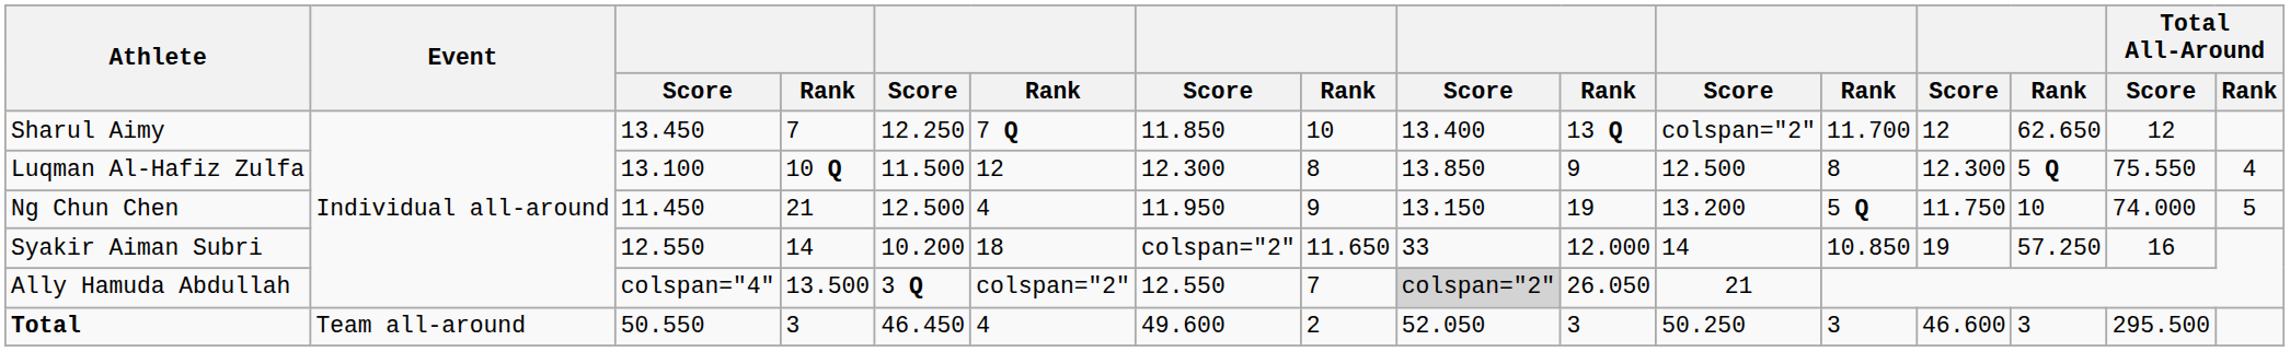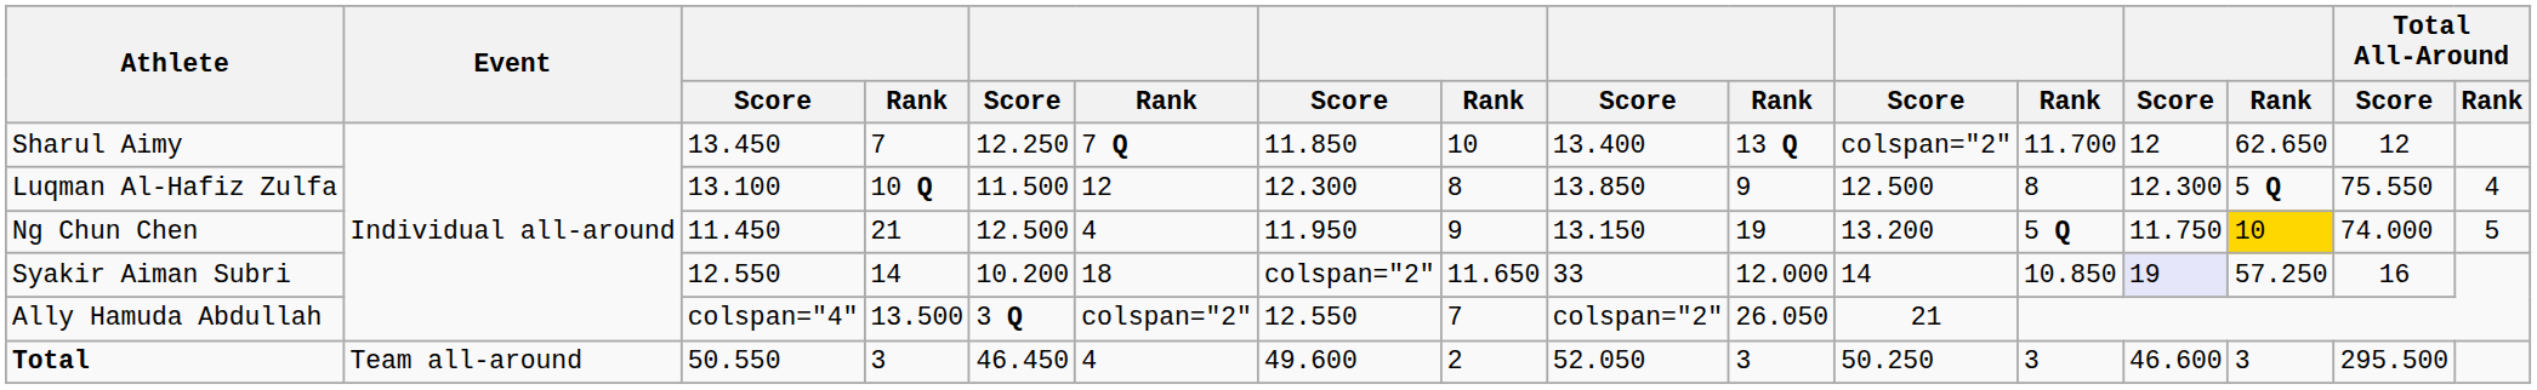 <table class="wikitable" style="font-size: 90%">
 <tr>
 <th rowspan="2">Athlete</th>
 <th rowspan="2">Event</th>
 <th colspan="2"></th>
 <th colspan="2"></th>
 <th colspan="2"></th>
 <th colspan="2"></th>
 <th colspan="2"></th>
 <th colspan="2"></th>
 <th colspan="2">Total<br>All-Around</th>
 </tr>
 <tr>
 <th>Score</th>
 <th>Rank</th>
 <th>Score</th>
 <th>Rank</th>
 <th>Score</th>
 <th>Rank</th>
 <th>Score</th>
 <th>Rank</th>
 <th>Score</th>
 <th>Rank</th>
 <th>Score</th>
 <th>Rank</th>
 <th>Score</th>
 <th>Rank</th>
 </tr>
 <tr>
 <td>Sharul Aimy</td>
 <td rowspan="5">Individual all-around</td>
 <td>13.450</td>
 <td>7</td>
 <td>12.250</td>
 <td>7 <strong>Q</strong></td>
 <td>11.850</td>
 <td>10</td>
 <td>13.400</td>
 <td>13 <strong>Q</strong></td>
 <td>colspan="2" </td>
 <td>11.700</td>
 <td>12</td>
 <td>62.650</td>
 <td align="center">12</td>
 </tr>
 <tr>
 <td>Luqman Al-Hafiz Zulfa</td>
 <td>13.100</td>
 <td>10 <strong>Q</strong></td>
 <td>11.500</td>
 <td>12</td>
 <td>12.300</td>
 <td>8</td>
 <td>13.850</td>
 <td>9</td>
 <td>12.500</td>
 <td>8</td>
 <td>12.300</td>
 <td>5 <strong>Q</strong></td>
 <td>75.550</td>
 <td align="center">4</td>
 </tr>
 <tr>
 <td>Ng Chun Chen</td>
 <td>11.450</td>
 <td>21</td>
 <td>12.500</td>
 <td>4</td>
 <td>11.950</td>
 <td>9</td>
 <td>13.150</td>
 <td>19</td>
 <td>13.200</td>
 <td>5 <strong>Q</strong></td>
 <td>11.750</td>
-<td>10</td>
+<td style="background: gold;">10</td>
 <td>74.000</td>
 <td align="center">5</td>
 </tr>
 <tr>
 <td>Syakir Aiman Subri</td>
 <td>12.550</td>
 <td>14</td>
 <td>10.200</td>
 <td>18</td>
 <td>colspan="2" </td>
 <td>11.650</td>
 <td>33</td>
 <td>12.000</td>
 <td>14</td>
 <td>10.850</td>
-<td>19</td>
+<td style="background: lavender;">19</td>
 <td>57.250</td>
 <td align="center">16</td>
 </tr>
 <tr>
 <td>Ally Hamuda Abdullah</td>
 <td>colspan="4" </td>
 <td>13.500</td>
 <td>3 <strong>Q</strong></td>
 <td>colspan="2" </td>
 <td>12.550</td>
 <td>7</td>
-<td style="background: lightgrey;">colspan="2" </td>
+<td>colspan="2" </td>
 <td>26.050</td>
 <td align="center">21</td>
 </tr>
 <tr>
 <td><strong>Total</strong></td>
 <td>Team all-around</td>
 <td>50.550</td>
 <td>3</td>
 <td>46.450</td>
 <td>4</td>
 <td>49.600</td>
 <td>2</td>
 <td>52.050</td>
 <td>3</td>
 <td>50.250</td>
 <td>3</td>
 <td>46.600</td>
 <td>3</td>
 <td>295.500</td>
 <td align="center"></td>
 </tr>
 </table>
